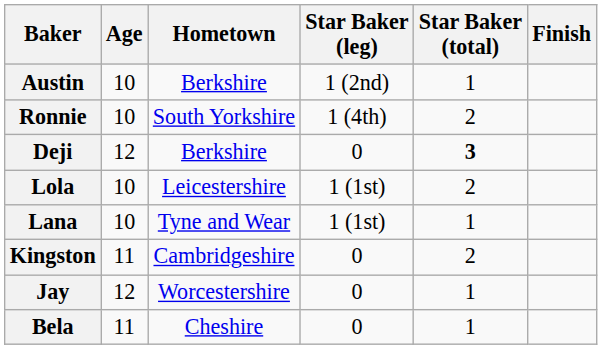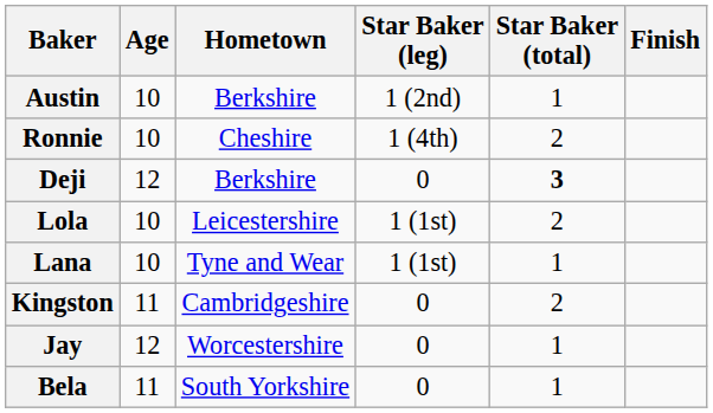 <table class="wikitable sortable" style="text-align:center">
 <tr>
 <th scope="col">Baker</th>
 <th scope="col">Age</th>
 <th scope="col">Hometown</th>
 <th scope="col">Star Baker<br>(leg)</th>
 <th scope="col">Star Baker<br>(total)</th>
 <th scope="col">Finish</th>
 </tr>
 <tr>
 <th scope="row">Austin</th>
 <td>10</td>
 <td><a href='#'>Berkshire</a></td>
 <td>1 (2nd)</td>
 <td>1</td>
 <td></td>
 </tr>
 <tr>
 <th scope="row">Ronnie</th>
 <td>10</td>
-<td><a href='#'>South Yorkshire</a></td>
+<td><a href='#'>Cheshire</a></td>
 <td>1 (4th)</td>
 <td>2</td>
 <td></td>
 </tr>
 <tr>
 <th scope="row">Deji</th>
 <td>12</td>
 <td><a href='#'>Berkshire</a></td>
 <td>0</td>
 <td><strong>3</strong></td>
 <td></td>
 </tr>
 <tr>
 <th scope="row">Lola</th>
 <td>10</td>
 <td><a href='#'>Leicestershire</a></td>
 <td>1 (1st)</td>
 <td>2</td>
 <td></td>
 </tr>
 <tr>
 <th scope="row">Lana</th>
 <td>10</td>
 <td><a href='#'>Tyne and Wear</a></td>
 <td>1 (1st)</td>
 <td>1</td>
 <td></td>
 </tr>
 <tr>
 <th scope="row">Kingston</th>
 <td>11</td>
 <td><a href='#'>Cambridgeshire</a></td>
 <td>0</td>
 <td>2</td>
 <td></td>
 </tr>
 <tr>
 <th scope="row">Jay</th>
 <td>12</td>
 <td><a href='#'>Worcestershire</a></td>
 <td>0</td>
 <td>1</td>
 <td></td>
 </tr>
 <tr>
 <th scope="row">Bela</th>
 <td>11</td>
-<td><a href='#'>Cheshire</a></td>
+<td><a href='#'>South Yorkshire</a></td>
 <td>0</td>
 <td>1</td>
 <td></td>
 </tr>
 </table>
